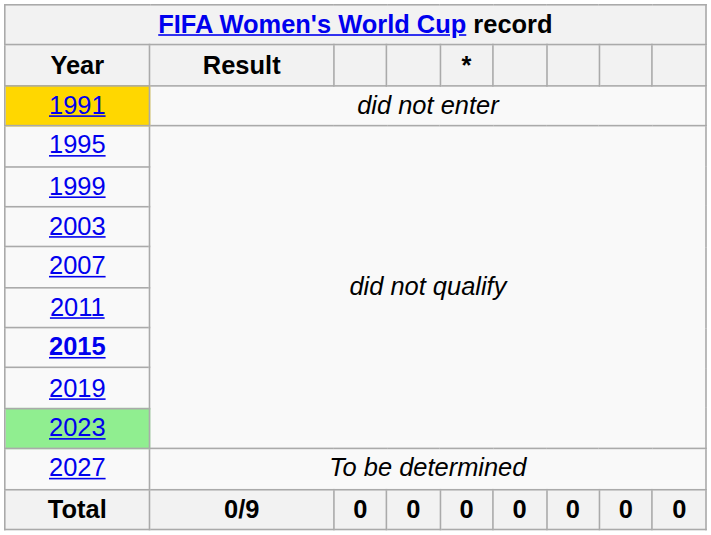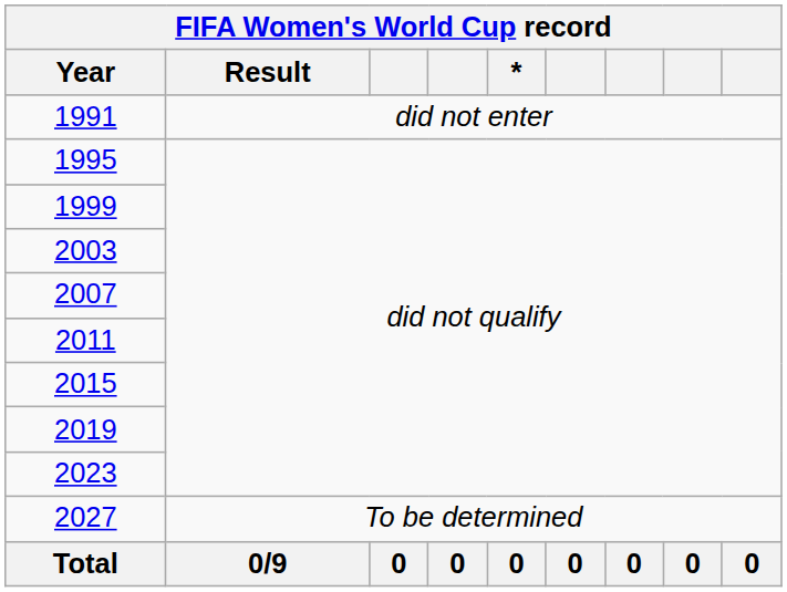 <table class="wikitable" style="text-align: center; width:50%;">
 <tr>
 <th colspan=10><a href='#'>FIFA Women's World Cup</a> record</th>
 </tr>
 <tr>
 <th>Year</th>
 <th>Result</th>
 <th></th>
 <th></th>
 <th>*</th>
 <th></th>
 <th></th>
 <th></th>
 <th></th>
 </tr>
 <tr>
-<td style="background: gold;"> <a href='#'>1991</a></td>
+<td> <a href='#'>1991</a></td>
 <td rowspan=1 colspan=8><em>did not enter</em></td>
 </tr>
 <tr>
 <td> <a href='#'>1995</a></td>
 <td colspan=8 rowspan=8><em>did not qualify</em></td>
 </tr>
 <tr>
 <td> <a href='#'>1999</a></td>
 </tr>
 <tr>
 <td> <a href='#'>2003</a></td>
 </tr>
 <tr>
 <td> <a href='#'>2007</a></td>
 </tr>
 <tr>
 <td> <a href='#'>2011</a></td>
 </tr>
 <tr>
-<td><strong> <a href='#'>2015</a></strong></td>
+<td> <a href='#'>2015</a></td>
 </tr>
 <tr>
 <td> <a href='#'>2019</a></td>
 </tr>
 <tr>
-<td style="background: lightgreen;"> <a href='#'>2023</a></td>
+<td> <a href='#'>2023</a></td>
 </tr>
 <tr>
 <td> <a href='#'>2027</a></td>
 <td colspan=8><em>To be determined</em></td>
 </tr>
 <tr>
 <th>Total</th>
 <th>0/9</th>
 <th>0</th>
 <th>0</th>
 <th>0</th>
 <th>0</th>
 <th>0</th>
 <th>0</th>
 <th>0</th>
 </tr>
 </table>
